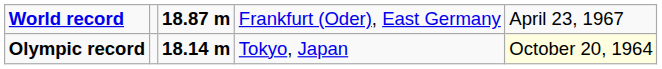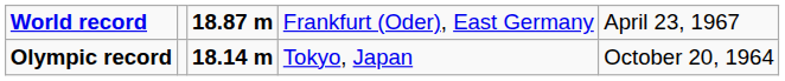 <table class="wikitable">
 <tr>
 <td><strong><a href='#'>World record</a></strong></td>
 <td></td>
 <td><strong>18.87 m</strong></td>
 <td><a href='#'>Frankfurt (Oder)</a>, <a href='#'>East Germany</a></td>
 <td>April 23, 1967</td>
 </tr>
 <tr>
 <td><strong>Olympic record</strong></td>
 <td></td>
 <td><strong>18.14 m</strong></td>
 <td><a href='#'>Tokyo</a>, <a href='#'>Japan</a></td>
-<td style="background: lightyellow;">October 20, 1964</td>
+<td>October 20, 1964</td>
 </tr>
 </table>
